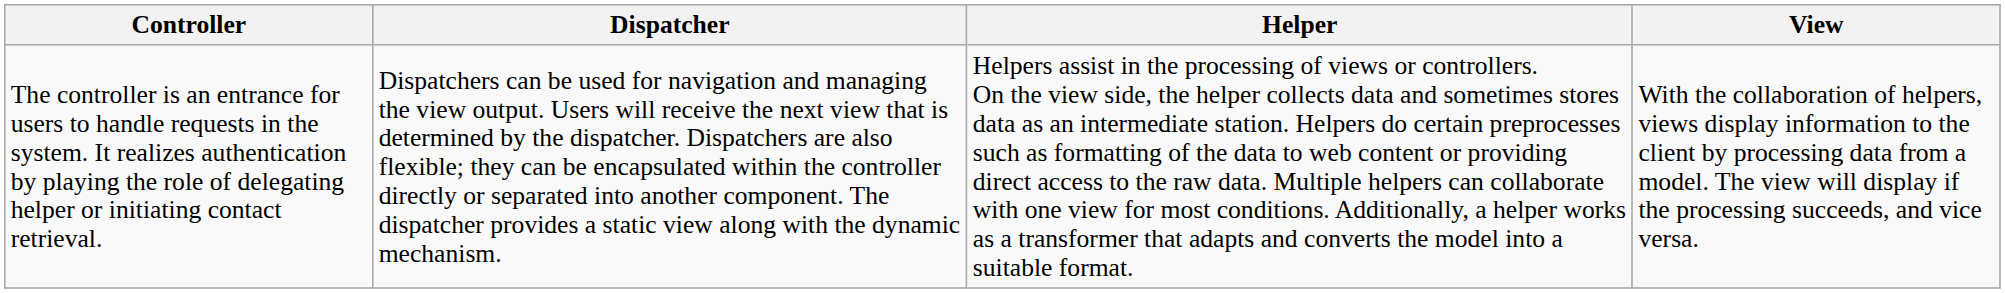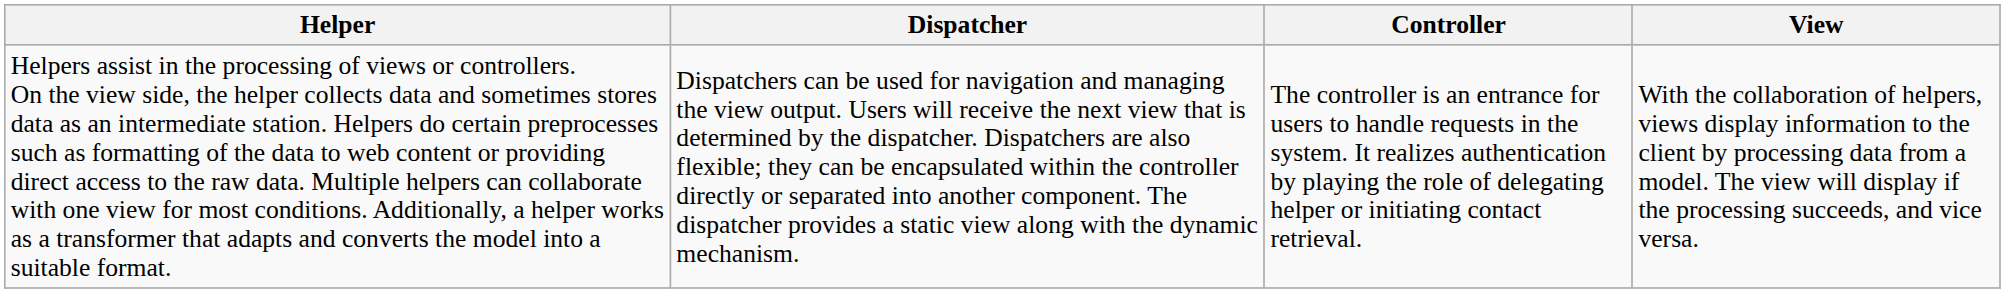 <table class="wikitable">
 <tr>
+<th>Helper</th>
+<th>Dispatcher</th>
 <th>Controller</th>
-<th>Dispatcher</th>
-<th>Helper</th>
 <th>View</th>
 </tr>
 <tr>
+<td>Helpers assist in the processing of views or controllers.<br>On the view side, the helper collects data and sometimes stores data as an intermediate station. Helpers do certain preprocesses such as formatting of the data to web content or providing direct access to the raw data. Multiple helpers can collaborate with one view for most conditions. Additionally, a helper works as a transformer that adapts and converts the model into a suitable format.</td>
+<td>Dispatchers can be used for navigation and managing the view output. Users will receive the next view that is determined by the dispatcher. Dispatchers are also flexible; they can be encapsulated within the controller directly or separated into another component. The dispatcher provides a static view along with the dynamic mechanism.</td>
 <td>The controller is an entrance for users to handle requests in the system. It realizes authentication by playing the role of delegating helper or initiating contact retrieval.</td>
-<td>Dispatchers can be used for navigation and managing the view output. Users will receive the next view that is determined by the dispatcher. Dispatchers are also flexible; they can be encapsulated within the controller directly or separated into another component. The dispatcher provides a static view along with the dynamic mechanism.</td>
-<td>Helpers assist in the processing of views or controllers.<br>On the view side, the helper collects data and sometimes stores data as an intermediate station. Helpers do certain preprocesses such as formatting of the data to web content or providing direct access to the raw data. Multiple helpers can collaborate with one view for most conditions. Additionally, a helper works as a transformer that adapts and converts the model into a suitable format.</td>
 <td>With the collaboration of helpers, views display information to the client by processing data from a model. The view will display if the processing succeeds, and vice versa.</td>
 </tr>
 </table>
